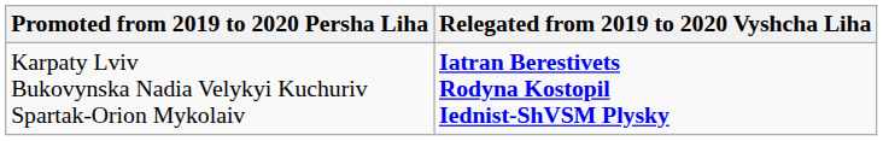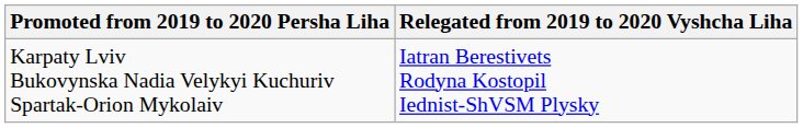 <table class="wikitable">
 <tr>
 <th>Promoted from 2019 to 2020 Persha Liha</th>
 <th>Relegated from 2019 to 2020 Vyshcha Liha</th>
 </tr>
 <tr>
 <td>Karpaty Lviv<br>Bukovynska Nadia Velykyi Kuchuriv<br>Spartak-Orion Mykolaiv</td>
-<td><strong><a href='#'>Iatran Berestivets</a> <br><a href='#'>Rodyna Kostopil</a><br><a href='#'>Iednist-ShVSM Plysky</a> </strong></td>
+<td><a href='#'>Iatran Berestivets</a> <br><a href='#'>Rodyna Kostopil</a><br><a href='#'>Iednist-ShVSM Plysky</a> </td>
 </tr>
 </table>
